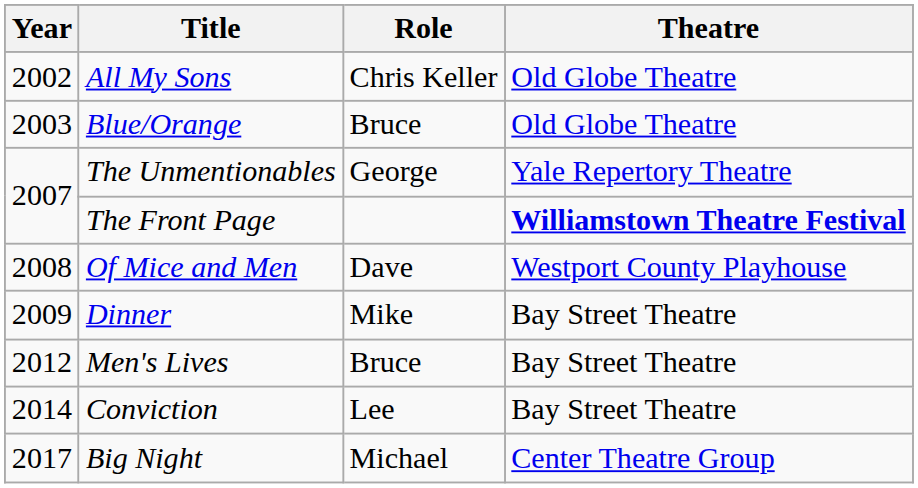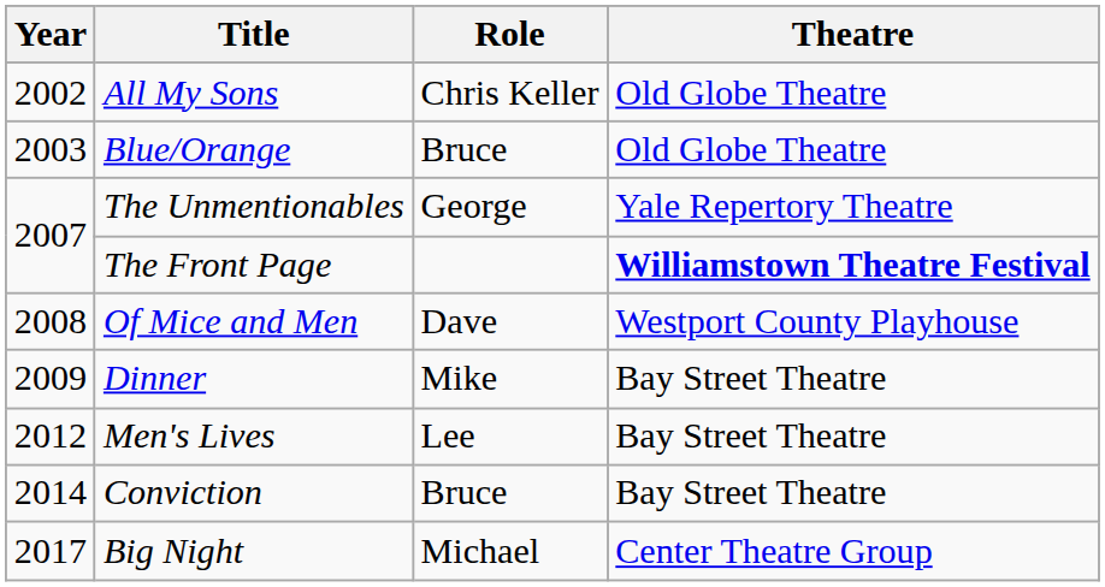 <table class="wikitable">
 <tr>
 <th>Year</th>
 <th>Title</th>
 <th>Role</th>
 <th>Theatre</th>
 </tr>
 <tr>
 <td>2002</td>
 <td><em><a href='#'>All My Sons</a></em></td>
 <td>Chris Keller</td>
 <td><a href='#'>Old Globe Theatre</a></td>
 </tr>
 <tr>
 <td>2003</td>
 <td><em><a href='#'>Blue/Orange</a></em></td>
 <td>Bruce</td>
 <td><a href='#'>Old Globe Theatre</a></td>
 </tr>
 <tr>
 <td rowspan=2>2007</td>
 <td><em>The Unmentionables</em></td>
 <td>George</td>
 <td><a href='#'>Yale Repertory Theatre</a></td>
 </tr>
 <tr>
 <td><em>The Front Page</em></td>
 <td></td>
 <td><strong><a href='#'>Williamstown Theatre Festival</a></strong></td>
 </tr>
 <tr>
 <td>2008</td>
 <td><em><a href='#'>Of Mice and Men</a></em></td>
 <td>Dave</td>
 <td><a href='#'>Westport County Playhouse</a></td>
 </tr>
 <tr>
 <td>2009</td>
 <td><em><a href='#'>Dinner</a></em></td>
 <td>Mike</td>
 <td>Bay Street Theatre</td>
 </tr>
 <tr>
 <td>2012</td>
 <td><em>Men's Lives</em></td>
-<td>Bruce</td>
+<td>Lee</td>
 <td>Bay Street Theatre</td>
 </tr>
 <tr>
 <td>2014</td>
 <td><em>Conviction</em></td>
-<td>Lee</td>
+<td>Bruce</td>
 <td>Bay Street Theatre</td>
 </tr>
 <tr>
 <td>2017</td>
 <td><em>Big Night</em></td>
 <td>Michael</td>
 <td><a href='#'>Center Theatre Group</a></td>
 </tr>
 </table>
